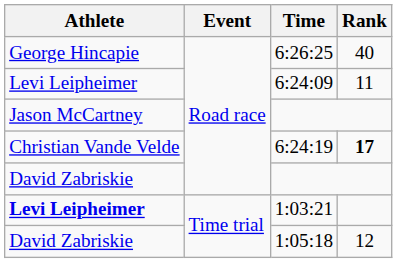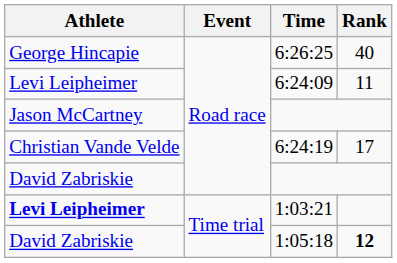 <table class=wikitable style=font-size:90%;text-align:center>
 <tr>
 <th>Athlete</th>
 <th>Event</th>
 <th>Time</th>
 <th>Rank</th>
 </tr>
 <tr>
 <td align=left><a href='#'>George Hincapie</a></td>
 <td align=left rowspan=5><a href='#'>Road race</a></td>
 <td>6:26:25</td>
 <td>40</td>
 </tr>
 <tr>
 <td align=left><a href='#'>Levi Leipheimer</a></td>
 <td>6:24:09</td>
 <td>11</td>
 </tr>
 <tr>
 <td align=left><a href='#'>Jason McCartney</a></td>
 <td colspan=2></td>
 </tr>
 <tr>
 <td align=left><a href='#'>Christian Vande Velde</a></td>
 <td>6:24:19</td>
-<td><strong>17</strong></td>
+<td>17</td>
 </tr>
 <tr>
 <td align=left><a href='#'>David Zabriskie</a></td>
 <td colspan=2></td>
 </tr>
 <tr>
 <td align=left><strong><a href='#'>Levi Leipheimer</a></strong></td>
 <td align=left rowspan=2><a href='#'>Time trial</a></td>
 <td>1:03:21</td>
 <td></td>
 </tr>
 <tr>
 <td align=left><a href='#'>David Zabriskie</a></td>
 <td>1:05:18</td>
-<td>12</td>
+<td><strong>12</strong></td>
 </tr>
 </table>
